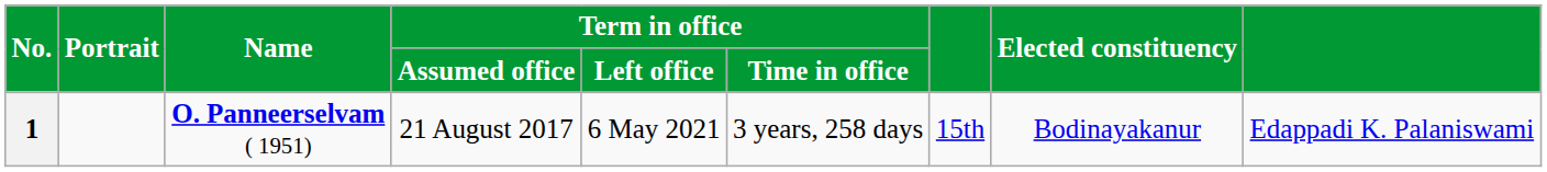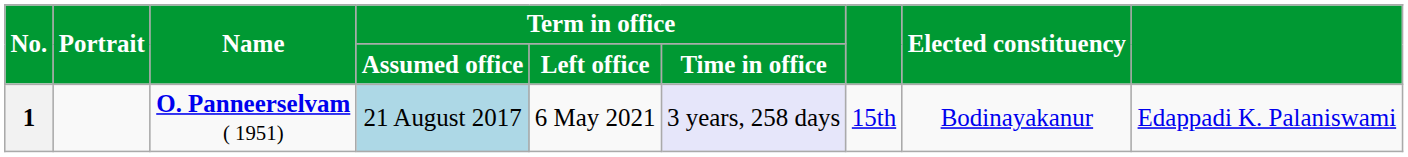 <table class="wikitable sortable" style="text-align:center;">
 <tr>
 <th rowspan=2 style="background-color:#009933;color:white">No.</th>
 <th rowspan=2 style="background-color:#009933;color:white">Portrait</th>
 <th rowspan=2 style="background-color:#009933;color:white">Name<br></th>
 <th colspan=3 style="background-color:#009933;color:white">Term in office</th>
 <th rowspan=2 style="background-color:#009933;color:white"><a href='#'></a><br></th>
 <th rowspan=2 style="background-color:#009933;color:white">Elected constituency</th>
 <th rowspan=2 style="background-color:#009933;color:white"><a href='#'></a></th>
 </tr>
 <tr>
 <th style="background-color:#009933;color:white">Assumed office</th>
 <th style="background-color:#009933;color:white">Left office</th>
 <th style="background-color:#009933;color:white">Time in office</th>
 </tr>
 <tr>
 <th>1</th>
 <td></td>
 <td><strong><a href='#'>O. Panneerselvam</a></strong><br><small>( 1951)</small></td>
-<td>21 August 2017</td>
+<td style="background: lightblue;">21 August 2017</td>
 <td>6 May 2021</td>
-<td>3 years, 258 days</td>
+<td style="background: lavender;">3 years, 258 days</td>
 <td><a href='#'>15th</a><br></td>
 <td><a href='#'>Bodinayakanur</a></td>
 <td><a href='#'>Edappadi K. Palaniswami</a></td>
 </tr>
 </table>
